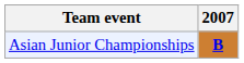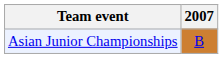 <table class="wikitable" style="font-size: 90%; text-align:center">
 <tr>
 <th>Team event</th>
 <th>2007</th>
 </tr>
 <tr>
 <td bgcolor="#ECF2FF"; align="left"><a href='#'>Asian Junior Championships</a></td>
-<td bgcolor=CD7F32><strong><a href='#'>B</a></strong></td>
+<td bgcolor=CD7F32><a href='#'>B</a></td>
 </tr>
 </table>
